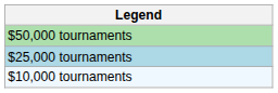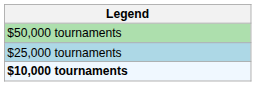 <table class="wikitable"  style="font-size:85%; width:14%;">
 <tr>
 <th>Legend</th>
 </tr>
 <tr style="background:#addfad;">
 <td>$50,000 tournaments</td>
 </tr>
 <tr style="background:lightblue;">
 <td>$25,000 tournaments</td>
 </tr>
 <tr style="background:#f0f8ff;">
-<td>$10,000 tournaments</td>
+<td><strong>$10,000 tournaments</strong></td>
 </tr>
 </table>
